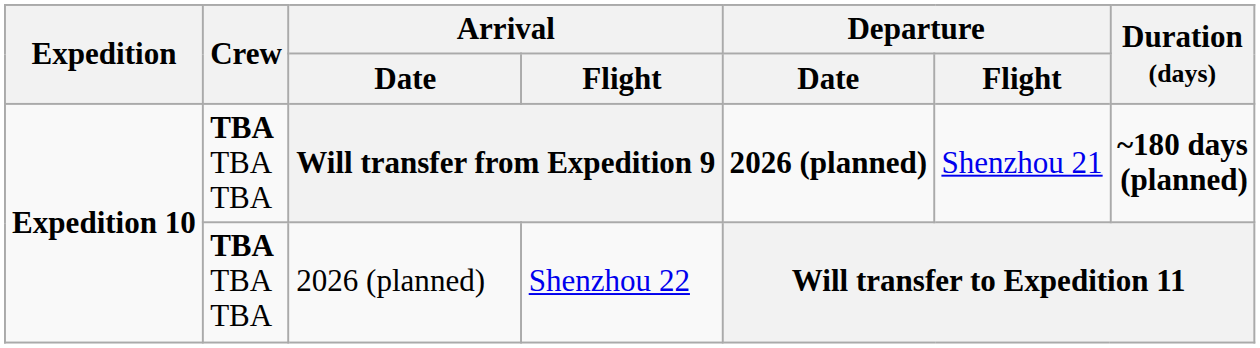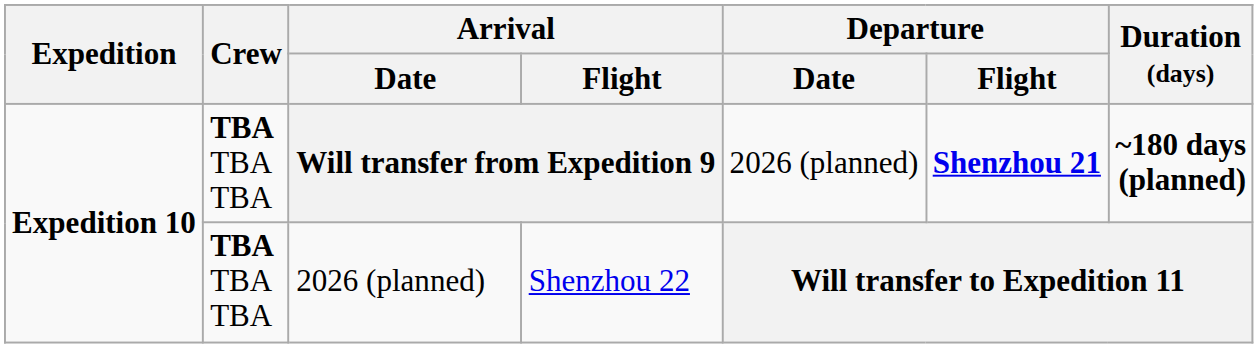 <table class="wikitable">
 <tr>
 <th rowspan=2>Expedition</th>
 <th rowspan=2>Crew</th>
 <th colspan=2>Arrival</th>
 <th colspan=2>Departure</th>
 <th rowspan=2>Duration<br><small>(days)</small></th>
 </tr>
 <tr>
 <th>Date</th>
 <th>Flight</th>
 <th>Date</th>
 <th>Flight</th>
 </tr>
 <tr>
 <td rowspan=2><strong>Expedition 10</strong><br></td>
 <td> <strong>TBA</strong><br> TBA<br> TBA</td>
 <th colspan=2>Will transfer from Expedition 9</th>
-<td><strong>2026 (planned)</strong></td>
-<td><a href='#'>Shenzhou 21</a></td>
+<td>2026 (planned)</td>
+<td><strong><a href='#'>Shenzhou 21</a></strong></td>
 <td style="text-align: right"><strong>~180 days<br>(planned)</strong></td>
 </tr>
 <tr>
 <td> <strong>TBA</strong><br> TBA<br> TBA</td>
 <td>2026 (planned)</td>
 <td><a href='#'>Shenzhou 22</a></td>
 <th colspan=3>Will transfer to Expedition 11</th>
 </tr>
 </table>
